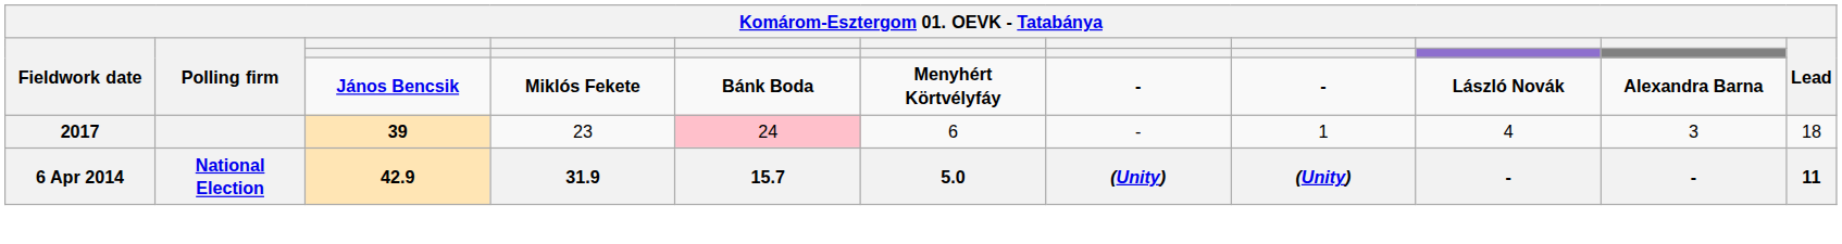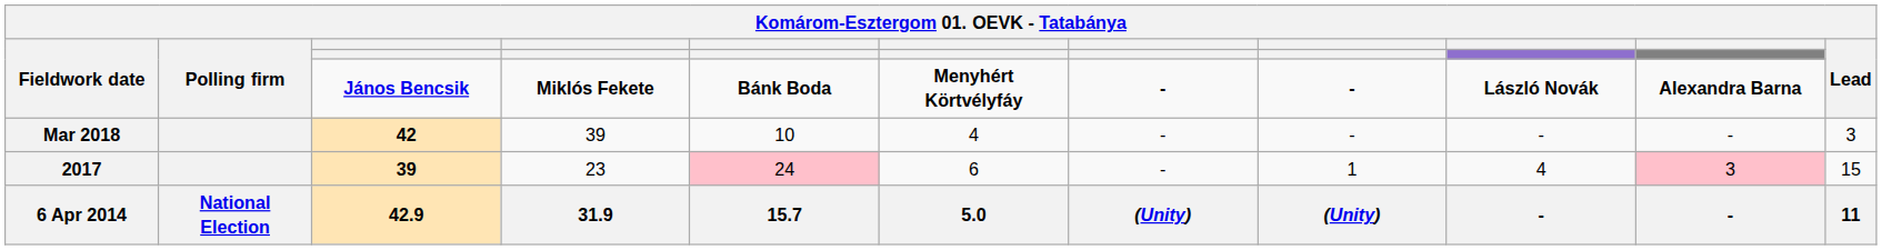 <table class="wikitable mw-collapsible mw-collapsed" style="text-align:center">
 <tr>
 <th colspan="11" style="width: 980pt;"><small><a href='#'>Komárom-Esztergom</a> 01.</small> <small>OEVK - <a href='#'>Tatabánya</a></small></th>
 </tr>
 <tr>
 <th rowspan="3" style="width: 80pt;"><small>Fieldwork</small> <small>date</small></th>
 <th rowspan="3" style="width: 80pt;"><strong><small>Polling</small> <small>firm</small></strong></th>
 <th style="width: 100pt;"><small></small></th>
 <th style="width: 100pt;"><small> </small></th>
 <th style="width: 100pt;"></th>
 <th style="width: 100pt;"></th>
 <th style="width: 100pt;"></th>
 <th style="width: 100pt;"></th>
 <th style="width: 100pt;"></th>
 <th style="width: 100pt;"></th>
 <th rowspan="3" style="width: 20pt;"><small>Lead</small></th>
 </tr>
 <tr>
 <th style="color:inherit;background:"></th>
 <th style="color:inherit;background:"></th>
 <th style="color:inherit;background:"></th>
 <th style="color:inherit;background:"></th>
 <th style="color:inherit;background:"></th>
 <th style="color:inherit;background:"></th>
 <th style="color:inherit;background:#8E6FCE;"></th>
 <th style="color:inherit;background:#808080;"></th>
 </tr>
 <tr>
 <td><a href='#'><small><strong>János Bencsik</strong></small></a></td>
 <td><small><strong>Miklós Fekete</strong></small></td>
 <td><small><strong>Bánk Boda</strong></small></td>
 <td><small><strong>Menyhért</strong></small> <small><strong>Körtvélyfáy</strong></small></td>
 <td><small><strong>-</strong></small></td>
 <td><small><strong>-</strong></small></td>
 <td><small><strong>László Novák</strong></small></td>
 <td><small><strong>Alexandra Barna</strong></small></td>
 </tr>
 <tr>
+<th><small>Mar 2018</small></th>
+<th><small></small></th>
+<td style="background:#FFE5B4"><small><strong>42</strong></small></td>
+<td><small>39</small></td>
+<td><small>10</small></td>
+<td><small>4</small></td>
+<td><small>-</small></td>
+<td><small>-</small></td>
+<td><small>-</small></td>
+<td><small>-</small></td>
+<td style="background:"><small>3</small></td>
+</tr>
+<tr>
 <th><small>2017</small></th>
 <th><small></small></th>
 <td style="background:#FFE5B4"><small><strong>39</strong></small></td>
 <td><small>23</small></td>
 <td style="background: pink;"><small>24</small></td>
 <td><small>6</small></td>
 <td><small>-</small></td>
 <td><small>1</small></td>
 <td><small>4</small></td>
-<td><small>3</small></td>
-<td style="background:"><small>18</small></td>
+<td style="background: pink;"><small>3</small></td>
+<td style="background:"><small>15</small></td>
 </tr>
 <tr>
 <th><small>6 Apr 2014</small></th>
 <th><a href='#'><small>National Election</small></a></th>
 <th style="background:#FFE5B4"><small><strong>42.9</strong></small></th>
 <th><small>31.9</small></th>
 <th><small>15.7</small></th>
 <th><small>5.0</small></th>
 <th><small><em>(<a href='#'>Unity</a>)</em></small></th>
 <th><small><em>(<a href='#'>Unity</a>)</em></small></th>
 <th><small>-</small></th>
 <th><small>-</small></th>
 <th style="background:"><small>11</small></th>
 </tr>
 </table>
